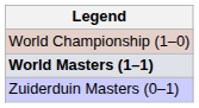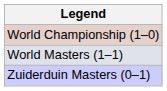 <table class="wikitable">
 <tr>
 <th>Legend</th>
 </tr>
 <tr style="background:#e5d1cb;">
 <td>World Championship (1–0)</td>
 </tr>
 <tr style="background:#dfe2e9;">
-<td><strong>World Masters (1–1)</strong></td>
+<td>World Masters (1–1)</td>
 </tr>
 <tr style="background:#ccf;">
 <td>Zuiderduin Masters (0–1)</td>
 </tr>
 </table>
